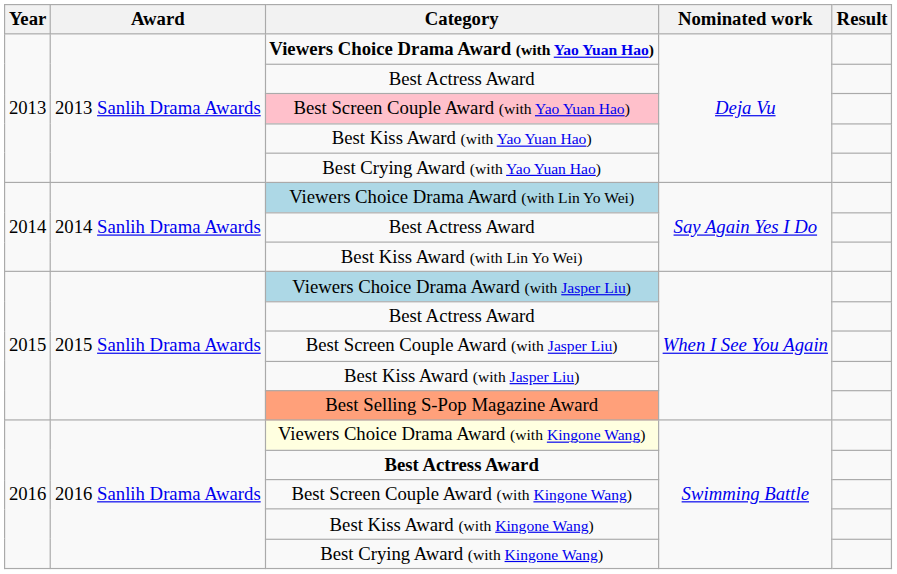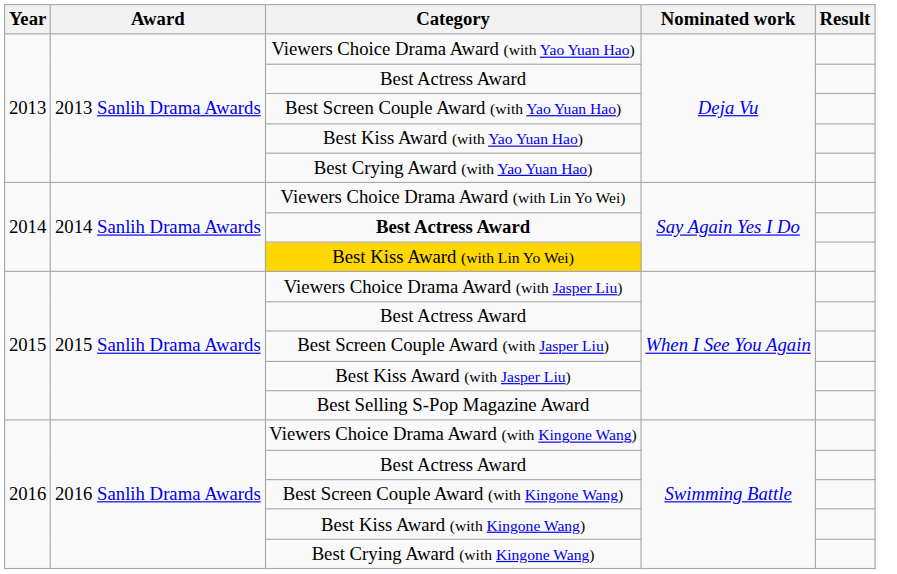 <table class="wikitable sortable">
 <tr>
 <th>Year</th>
 <th>Award</th>
 <th>Category</th>
 <th>Nominated work</th>
 <th>Result</th>
 </tr>
 <tr align=center>
 <td rowspan=5>2013</td>
 <td rowspan="5">2013 <a href='#'>Sanlih Drama Awards</a></td>
-<td><strong>Viewers Choice Drama Award <small>(with <a href='#'>Yao Yuan Hao</a>)</small></strong></td>
+<td>Viewers Choice Drama Award <small>(with <a href='#'>Yao Yuan Hao</a>)</small></td>
 <td rowspan="5"><em><a href='#'>Deja Vu</a></em></td>
 <td></td>
 </tr>
 <tr align=center>
 <td>Best Actress Award</td>
 <td></td>
 </tr>
 <tr align=center>
-<td style="background: pink;">Best Screen Couple Award <small>(with <a href='#'>Yao Yuan Hao</a>)</small></td>
+<td>Best Screen Couple Award <small>(with <a href='#'>Yao Yuan Hao</a>)</small></td>
 <td></td>
 </tr>
 <tr align=center>
 <td>Best Kiss Award <small>(with <a href='#'>Yao Yuan Hao</a>)</small></td>
 <td></td>
 </tr>
 <tr align=center>
 <td>Best Crying Award <small>(with <a href='#'>Yao Yuan Hao</a>)</small></td>
 <td></td>
 </tr>
 <tr align=center>
 <td rowspan=3>2014</td>
 <td rowspan="3">2014 <a href='#'>Sanlih Drama Awards</a></td>
-<td style="background: lightblue;">Viewers Choice Drama Award <small>(with Lin Yo Wei)</small></td>
+<td>Viewers Choice Drama Award <small>(with Lin Yo Wei)</small></td>
 <td rowspan=3><em><a href='#'>Say Again Yes I Do</a></em></td>
 <td></td>
 </tr>
 <tr align=center>
-<td>Best Actress Award</td>
+<td><strong>Best Actress Award</strong></td>
 <td></td>
 </tr>
 <tr align=center>
-<td>Best Kiss Award <small>(with Lin Yo Wei)</small></td>
+<td style="background: gold;">Best Kiss Award <small>(with Lin Yo Wei)</small></td>
 <td></td>
 </tr>
 <tr align=center>
 <td rowspan=5>2015</td>
 <td rowspan=5>2015 <a href='#'>Sanlih Drama Awards</a></td>
-<td style="background: lightblue;">Viewers Choice Drama Award <small>(with <a href='#'>Jasper Liu</a>)</small></td>
+<td>Viewers Choice Drama Award <small>(with <a href='#'>Jasper Liu</a>)</small></td>
 <td rowspan=5><em><a href='#'>When I See You Again</a></em></td>
 <td></td>
 </tr>
 <tr align=center>
 <td>Best Actress Award</td>
 <td></td>
 </tr>
 <tr align=center>
 <td>Best Screen Couple Award <small>(with <a href='#'>Jasper Liu</a>)</small></td>
 <td></td>
 </tr>
 <tr align=center>
 <td>Best Kiss Award <small>(with <a href='#'>Jasper Liu</a>)</small></td>
 <td></td>
 </tr>
 <tr align=center>
-<td style="background: lightsalmon;">Best Selling S-Pop Magazine Award</td>
+<td>Best Selling S-Pop Magazine Award</td>
 <td></td>
 </tr>
 <tr align=center>
 <td rowspan=5>2016</td>
 <td rowspan=5>2016 <a href='#'>Sanlih Drama Awards</a></td>
-<td style="background: lightyellow;">Viewers Choice Drama Award <small>(with <a href='#'>Kingone Wang</a>)</small></td>
+<td>Viewers Choice Drama Award <small>(with <a href='#'>Kingone Wang</a>)</small></td>
 <td rowspan=5><em><a href='#'>Swimming Battle</a></em></td>
 <td></td>
 </tr>
 <tr align=center>
-<td><strong>Best Actress Award</strong></td>
+<td>Best Actress Award</td>
 <td></td>
 </tr>
 <tr align=center>
 <td>Best Screen Couple Award <small>(with <a href='#'>Kingone Wang</a>)</small></td>
 <td></td>
 </tr>
 <tr align=center>
 <td>Best Kiss Award <small>(with <a href='#'>Kingone Wang</a>)</small></td>
 <td></td>
 </tr>
 <tr align=center>
 <td>Best Crying Award <small>(with <a href='#'>Kingone Wang</a>)</small></td>
 <td></td>
 </tr>
 </table>
